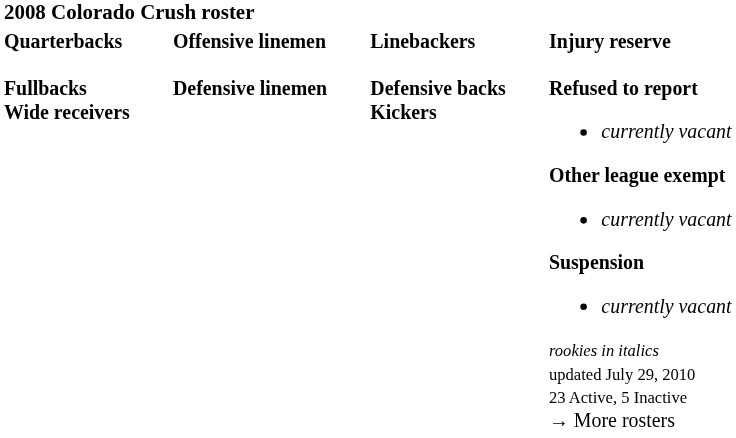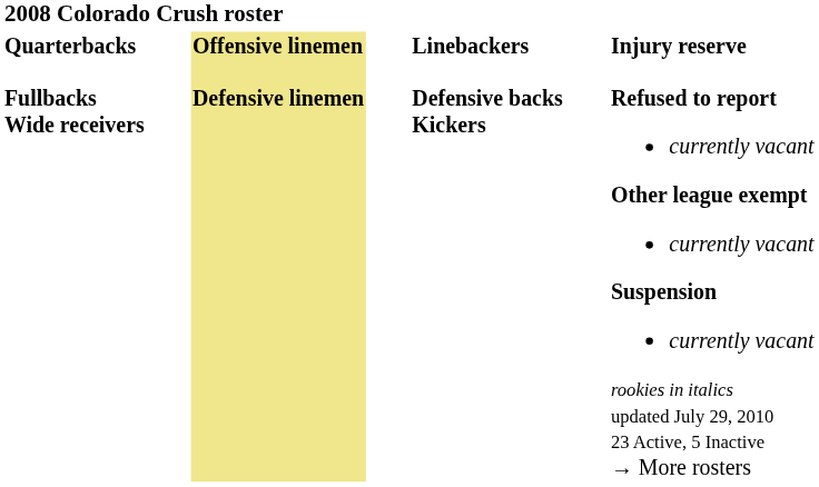 <table class="toccolours" style="text-align: left;">
 <tr>
 <th colspan="7"><strong>2008 Colorado Crush roster</strong></th>
 </tr>
 <tr>
 <td style="font-size: 95%;" valign="top"><strong>Quarterbacks</strong><br> <br><strong>Fullbacks</strong> <br><strong>Wide receivers</strong>    </td>
 <td style="width: 25px;"></td>
-<td style="font-size: 95%;" valign="top"><strong>Offensive linemen</strong><br>   <br><strong>Defensive linemen</strong>     </td>
+<td style="background: khaki; font-size: 95%;" valign="top"><strong>Offensive linemen</strong><br>   <br><strong>Defensive linemen</strong>     </td>
 <td style="width: 25px;"></td>
 <td style="font-size: 95%;" valign="top"><strong>Linebackers</strong><br><br><strong>Defensive backs</strong>     <br><strong>Kickers</strong> </td>
 <td style="width: 25px;"></td>
 <td style="font-size: 95%;" valign="top"><strong>Injury reserve</strong><br>    <br><strong>Refused to report</strong><ul><li><em>currently vacant</em></li></ul><strong>Other league exempt</strong><ul><li><em>currently vacant</em></li></ul><strong>Suspension</strong><ul><li><em>currently vacant</em></li></ul><small><em>rookies in italics</em><br> updated July 29, 2010</small><br> <small>23 Active, 5 Inactive</small><br>→ More rosters</td>
 </tr>
 <tr>
 </tr>
 </table>
